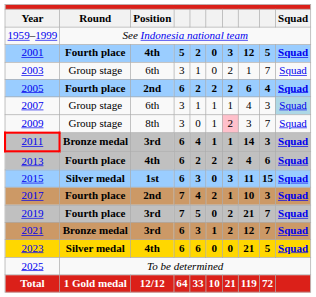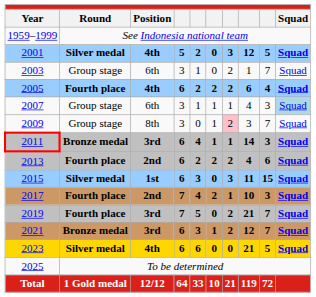 <table class="wikitable" style="text-align: center;">
 <tr>
 <th colspan="10" style="background: #DB2019; color: #FFFFFF;"><a href='#'></a></th>
 </tr>
 <tr>
 <th>Year</th>
 <th>Round</th>
 <th>Position</th>
 <th></th>
 <th></th>
 <th></th>
 <th></th>
 <th></th>
 <th></th>
 <th>Squad</th>
 </tr>
 <tr>
 <td><a href='#'>1959</a>–<a href='#'>1999</a></td>
 <td colspan=9><em>See <a href='#'>Indonesia national team</a></em></td>
 </tr>
 <tr style="background:#9acdff;">
 <td> <a href='#'>2001</a></td>
-<td><strong>Fourth place</strong></td>
+<td><strong>Silver medal</strong></td>
 <td><strong>4th</strong></td>
 <td><strong>5</strong></td>
 <td><strong>2</strong></td>
 <td><strong>0</strong></td>
 <td><strong>3</strong></td>
 <td><strong>12</strong></td>
 <td><strong>5</strong></td>
 <td><strong><a href='#'>Squad</a></strong></td>
 </tr>
 <tr>
 <td> <a href='#'>2003</a></td>
 <td>Group stage</td>
 <td>6th</td>
 <td>3</td>
 <td>1</td>
 <td>0</td>
 <td>2</td>
 <td>1</td>
 <td>7</td>
 <td><a href='#'>Squad</a></td>
 </tr>
 <tr style="background:#9acdff;">
 <td> <a href='#'>2005</a></td>
 <td><strong>Fourth place</strong></td>
-<td><strong>2nd</strong></td>
+<td><strong>4th</strong></td>
 <td><strong>6</strong></td>
 <td><strong>2</strong></td>
 <td><strong>2</strong></td>
 <td><strong>2</strong></td>
 <td><strong>6</strong></td>
 <td><strong>4</strong></td>
 <td><strong><a href='#'>Squad</a></strong></td>
 </tr>
 <tr>
 <td> <a href='#'>2007</a></td>
 <td>Group stage</td>
 <td>6th</td>
 <td>3</td>
 <td>1</td>
 <td>1</td>
 <td>1</td>
 <td>4</td>
 <td>3</td>
 <td style="background: lightblue;"><a href='#'>Squad</a></td>
 </tr>
 <tr>
 <td> <a href='#'>2009</a></td>
 <td>Group stage</td>
 <td>8th</td>
 <td>3</td>
 <td>0</td>
 <td>1</td>
 <td style="background: pink;">2</td>
 <td>3</td>
 <td>7</td>
 <td><a href='#'>Squad</a></td>
 </tr>
 <tr style="background:silver;">
 <td style="border: 3px solid red"> <a href='#'>2011</a></td>
 <td><strong>Bronze medal</strong></td>
 <td><strong>3rd</strong></td>
 <td><strong>6</strong></td>
 <td><strong>4</strong></td>
 <td><strong>1</strong></td>
 <td><strong>1</strong></td>
 <td><strong>14</strong></td>
 <td><strong>3</strong></td>
 <td><strong><a href='#'>Squad</a></strong></td>
 </tr>
 <tr style="background:silver;">
 <td> <a href='#'>2013</a></td>
 <td><strong>Fourth place</strong></td>
-<td><strong>4th</strong></td>
+<td><strong>2nd</strong></td>
 <td><strong>6</strong></td>
 <td><strong>2</strong></td>
 <td><strong>2</strong></td>
 <td><strong>2</strong></td>
 <td><strong>4</strong></td>
 <td><strong>6</strong></td>
 <td><strong><a href='#'>Squad</a></strong></td>
 </tr>
 <tr style="background:#9acdff;">
 <td> <a href='#'>2015</a></td>
 <td><strong>Silver medal</strong></td>
 <td><strong>1st</strong></td>
 <td><strong>6</strong></td>
 <td><strong>3</strong></td>
 <td><strong>0</strong></td>
 <td><strong>3</strong></td>
 <td><strong>11</strong></td>
 <td><strong>15</strong></td>
 <td><strong><a href='#'>Squad</a></strong></td>
 </tr>
 <tr style="background:#c96;">
 <td> <a href='#'>2017</a></td>
 <td><strong>Fourth place</strong></td>
 <td><strong>2nd</strong></td>
 <td><strong>7</strong></td>
 <td><strong>4</strong></td>
 <td><strong>2</strong></td>
 <td><strong>1</strong></td>
 <td><strong>10</strong></td>
 <td><strong>3</strong></td>
 <td><strong><a href='#'>Squad</a></strong></td>
 </tr>
 <tr style="background:silver;">
 <td> <a href='#'>2019</a></td>
 <td><strong>Fourth place</strong></td>
 <td><strong>3rd</strong></td>
 <td><strong>7</strong></td>
 <td><strong>5</strong></td>
 <td><strong>0</strong></td>
 <td><strong>2</strong></td>
 <td><strong>21</strong></td>
 <td><strong>7</strong></td>
 <td><strong><a href='#'>Squad</a></strong></td>
 </tr>
 <tr style="background:#c96;">
 <td> <a href='#'>2021</a></td>
 <td><strong>Bronze medal</strong></td>
 <td><strong>3rd</strong></td>
 <td><strong>6</strong></td>
 <td><strong>3</strong></td>
 <td><strong>1</strong></td>
 <td><strong>2</strong></td>
 <td><strong>12</strong></td>
 <td><strong>7</strong></td>
 <td><strong><a href='#'>Squad</a></strong></td>
 </tr>
 <tr style="background:gold;">
 <td> <a href='#'>2023</a></td>
 <td><strong>Silver medal</strong></td>
 <td><strong>4th</strong></td>
 <td><strong>6</strong></td>
 <td><strong>6</strong></td>
 <td><strong>0</strong></td>
 <td><strong>0</strong></td>
 <td><strong>21</strong></td>
 <td><strong>5</strong></td>
 <td><strong><a href='#'>Squad</a></strong></td>
 </tr>
 <tr>
 <td> <a href='#'>2025</a></td>
 <td colspan=9><em>To be determined</em></td>
 </tr>
 <tr style="background: #DB2019; color: #FFFFFF;|">
 <td><strong>Total</strong></td>
 <td><strong>1 Gold medal</strong></td>
 <td><strong>12/12</strong></td>
 <td><strong>64</strong></td>
 <td><strong>33</strong></td>
 <td><strong>10</strong></td>
 <td><strong>21</strong></td>
 <td><strong>119</strong></td>
 <td><strong>72</strong></td>
 <td></td>
 </tr>
 </table>
